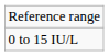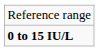 <table class="wikitable" align="right">
 <tr>
 <td>Reference range</td>
 </tr>
 <tr>
-<td>0 to 15 IU/L</td>
+<td><strong>0 to 15 IU/L</strong></td>
 </tr>
 </table>
